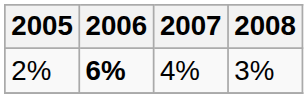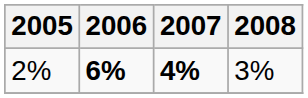 <table class="wikitable" border="1">
 <tr>
 <th>2005</th>
 <th>2006</th>
 <th>2007</th>
 <th>2008</th>
 </tr>
 <tr>
 <td>2%</td>
 <td><strong>6%</strong></td>
-<td>4%</td>
+<td><strong>4%</strong></td>
 <td>3%</td>
 </tr>
 <tr>
 </tr>
 </table>
